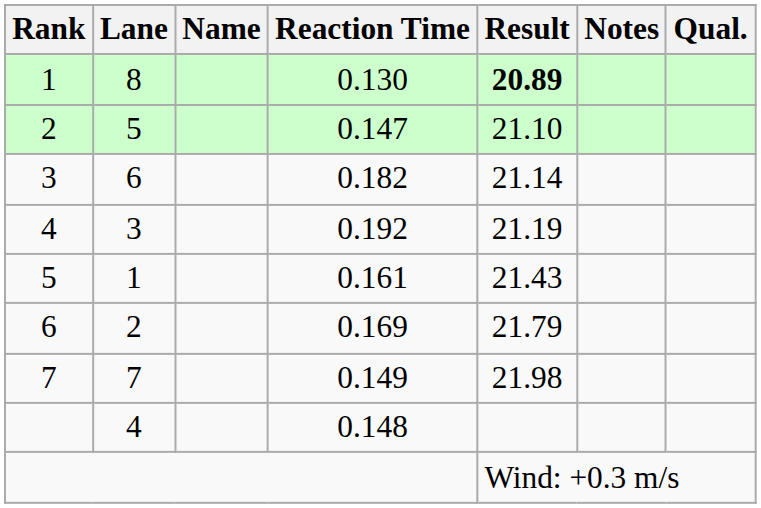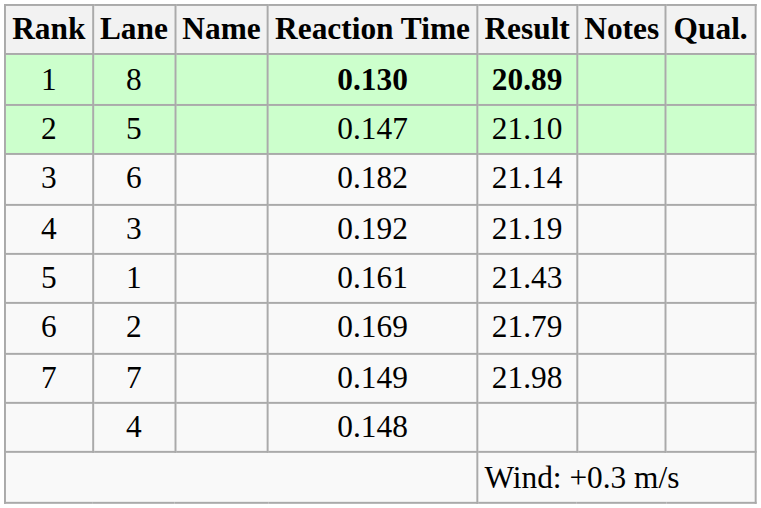 <table class="wikitable sortable" style="text-align:center">
 <tr>
 <th>Rank</th>
 <th>Lane</th>
 <th>Name</th>
 <th>Reaction Time</th>
 <th>Result</th>
 <th>Notes</th>
 <th>Qual.</th>
 </tr>
 <tr bgcolor=ccffcc>
 <td>1</td>
 <td>8</td>
 <td align="left"></td>
-<td>0.130</td>
+<td><strong>0.130</strong></td>
 <td><strong>20.89</strong></td>
 <td></td>
 <td></td>
 </tr>
 <tr bgcolor=ccffcc>
 <td>2</td>
 <td>5</td>
 <td align="left"></td>
 <td>0.147</td>
 <td>21.10</td>
 <td></td>
 <td></td>
 </tr>
 <tr>
 <td>3</td>
 <td>6</td>
 <td align="left"></td>
 <td>0.182</td>
 <td>21.14</td>
 <td></td>
 <td></td>
 </tr>
 <tr>
 <td>4</td>
 <td>3</td>
 <td align="left"></td>
 <td>0.192</td>
 <td>21.19</td>
 <td></td>
 <td></td>
 </tr>
 <tr>
 <td>5</td>
 <td>1</td>
 <td align="left"></td>
 <td>0.161</td>
 <td>21.43</td>
 <td></td>
 <td></td>
 </tr>
 <tr>
 <td>6</td>
 <td>2</td>
 <td align="left"></td>
 <td>0.169</td>
 <td>21.79</td>
 <td></td>
 <td></td>
 </tr>
 <tr>
 <td>7</td>
 <td>7</td>
 <td align="left"></td>
 <td>0.149</td>
 <td>21.98</td>
 <td></td>
 <td></td>
 </tr>
 <tr>
 <td></td>
 <td>4</td>
 <td align="left"></td>
 <td>0.148</td>
 <td></td>
 <td></td>
 <td></td>
 </tr>
 <tr class="sortbottom">
 <td colspan=4></td>
 <td colspan="3" style="text-align:left;">Wind: +0.3 m/s</td>
 </tr>
 </table>
